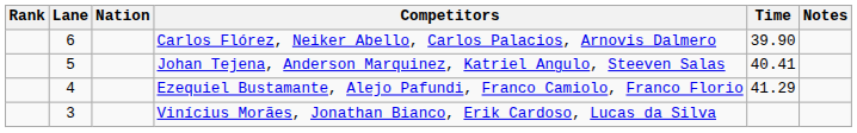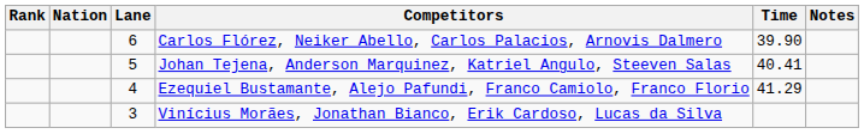 <table class="wikitable sortable" style="text-align:center; font-size:95%">
 <tr>
 <th>Rank</th>
+<th>Nation</th>
 <th>Lane</th>
-<th>Nation</th>
 <th>Competitors</th>
 <th>Time</th>
 <th>Notes</th>
 </tr>
 <tr>
 <td></td>
+<td align=left></td>
 <td>6</td>
-<td align=left></td>
 <td align=left><a href='#'>Carlos Flórez</a>, <a href='#'>Neiker Abello</a>, <a href='#'>Carlos Palacios</a>, <a href='#'>Arnovis Dalmero</a></td>
 <td>39.90</td>
 <td></td>
 </tr>
 <tr>
 <td></td>
+<td align=left></td>
 <td>5</td>
-<td align=left></td>
 <td align=left><a href='#'>Johan Tejena</a>, <a href='#'>Anderson Marquinez</a>, <a href='#'>Katriel Angulo</a>, <a href='#'>Steeven Salas</a></td>
 <td>40.41</td>
 <td></td>
 </tr>
 <tr>
 <td></td>
+<td align=left></td>
 <td>4</td>
-<td align=left></td>
 <td align=left><a href='#'>Ezequiel Bustamante</a>, <a href='#'>Alejo Pafundi</a>, <a href='#'>Franco Camiolo</a>, <a href='#'>Franco Florio</a></td>
 <td>41.29</td>
 <td></td>
 </tr>
 <tr>
 <td></td>
+<td align=left></td>
 <td>3</td>
-<td align=left></td>
 <td align=left><a href='#'>Vinícius Morães</a>, <a href='#'>Jonathan Bianco</a>, <a href='#'>Erik Cardoso</a>, <a href='#'>Lucas da Silva</a></td>
 <td></td>
 <td></td>
 </tr>
 </table>
